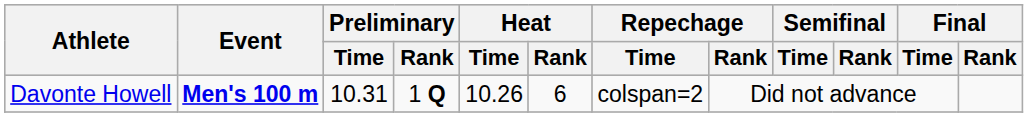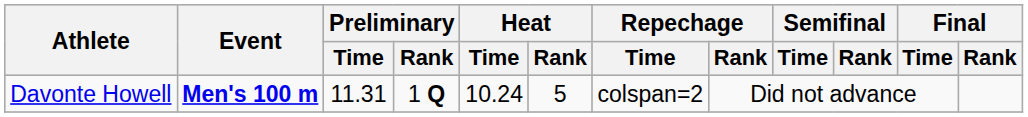 <table class="wikitable" style="font-size:90%">
 <tr>
 <th rowspan=2>Athlete</th>
 <th rowspan=2>Event</th>
 <th colspan=2>Preliminary</th>
 <th colspan=2>Heat</th>
 <th colspan=2>Repechage</th>
 <th colspan=2>Semifinal</th>
 <th colspan=2>Final</th>
 </tr>
 <tr style=font-size:95%>
 <th>Time</th>
 <th>Rank</th>
 <th>Time</th>
 <th>Rank</th>
 <th>Time</th>
 <th>Rank</th>
 <th>Time</th>
 <th>Rank</th>
 <th>Time</th>
 <th>Rank</th>
 </tr>
 <tr align=center>
 <td align=left><a href='#'>Davonte Howell</a></td>
 <td align=left><strong><a href='#'>Men's 100 m</a></strong></td>
-<td>10.31</td>
+<td>11.31</td>
 <td>1 <strong>Q</strong></td>
-<td>10.26</td>
-<td>6</td>
+<td>10.24</td>
+<td>5</td>
 <td>colspan=2 </td>
 <td colspan="4">Did not advance</td>
 </tr>
 </table>
